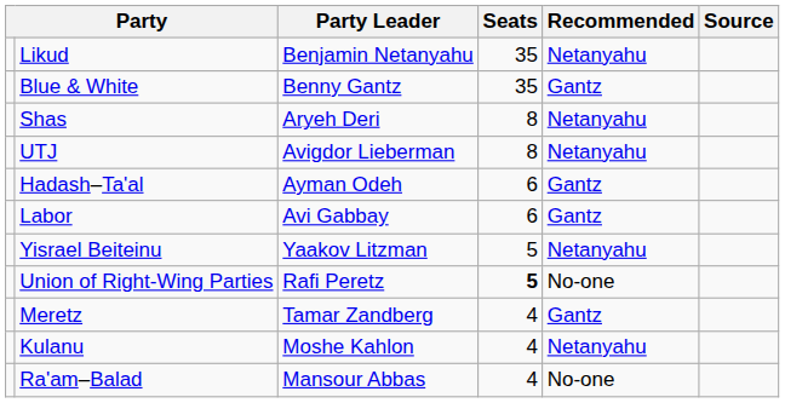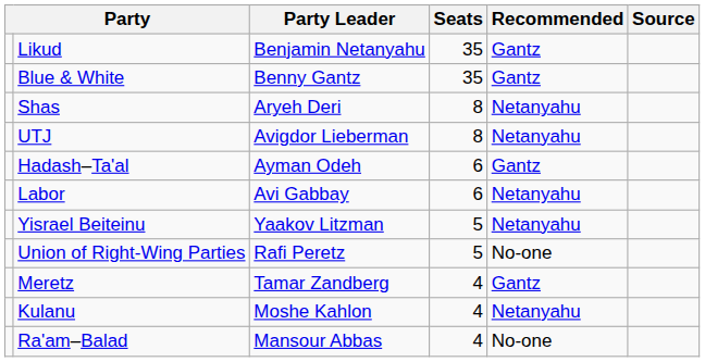 <table class="wikitable sortable">
 <tr>
 <th colspan=2 class="unsortable">Party</th>
 <th class="unsortable">Party Leader</th>
 <th class="unsortable">Seats</th>
 <th>Recommended</th>
 <th class="unsortable">Source</th>
 </tr>
 <tr>
 <td style="color:inherit;background:"></td>
 <td><a href='#'>Likud</a></td>
 <td><a href='#'>Benjamin Netanyahu</a></td>
 <td align=right>35</td>
-<td><a href='#'>Netanyahu</a></td>
+<td><a href='#'>Gantz</a></td>
 <td></td>
 </tr>
 <tr>
 <td style="color:inherit;background:"></td>
 <td><a href='#'>Blue & White</a></td>
 <td><a href='#'>Benny Gantz</a></td>
 <td align=right>35</td>
 <td><a href='#'>Gantz</a></td>
 <td></td>
 </tr>
 <tr>
 <td style="color:inherit;background:"></td>
 <td><a href='#'>Shas</a></td>
 <td><a href='#'>Aryeh Deri</a></td>
 <td align=right>8</td>
 <td><a href='#'>Netanyahu</a></td>
 <td></td>
 </tr>
 <tr>
 <td style="color:inherit;background:"></td>
 <td><a href='#'>UTJ</a></td>
 <td><a href='#'>Avigdor Lieberman</a></td>
 <td align=right>8</td>
 <td><a href='#'>Netanyahu</a></td>
 <td></td>
 </tr>
 <tr>
 <td style="color:inherit;background:"></td>
 <td><a href='#'>Hadash</a>–<a href='#'>Ta'al</a></td>
 <td><a href='#'>Ayman Odeh</a></td>
 <td align=right>6</td>
 <td><a href='#'>Gantz</a></td>
 <td></td>
 </tr>
 <tr>
 <td style="color:inherit;background:"></td>
 <td><a href='#'>Labor</a></td>
 <td><a href='#'>Avi Gabbay</a></td>
 <td align=right>6</td>
-<td><a href='#'>Gantz</a></td>
+<td><a href='#'>Netanyahu</a></td>
 <td></td>
 </tr>
 <tr>
 <td style="color:inherit;background:"></td>
 <td><a href='#'>Yisrael Beiteinu</a></td>
 <td><a href='#'>Yaakov Litzman</a></td>
 <td align=right>5</td>
 <td><a href='#'>Netanyahu</a></td>
 <td></td>
 </tr>
 <tr>
 <td style="color:inherit;background:"></td>
 <td><a href='#'>Union of Right-Wing Parties</a></td>
 <td><a href='#'>Rafi Peretz</a></td>
-<td align=right><strong>5</strong></td>
+<td align=right>5</td>
 <td>No-one</td>
 <td></td>
 </tr>
 <tr>
 <td style="color:inherit;background:"></td>
 <td><a href='#'>Meretz</a></td>
 <td><a href='#'>Tamar Zandberg</a></td>
 <td align=right>4</td>
 <td><a href='#'>Gantz</a></td>
 <td></td>
 </tr>
 <tr>
 <td style="color:inherit;background:"></td>
 <td><a href='#'>Kulanu</a></td>
 <td><a href='#'>Moshe Kahlon</a></td>
 <td align=right>4</td>
 <td><a href='#'>Netanyahu</a></td>
 <td></td>
 </tr>
 <tr>
 <td style="background:"></td>
 <td><a href='#'>Ra'am</a>–<a href='#'>Balad</a></td>
 <td><a href='#'>Mansour Abbas</a></td>
 <td align=right>4</td>
 <td>No-one</td>
 <td></td>
 </tr>
 </table>
